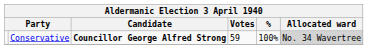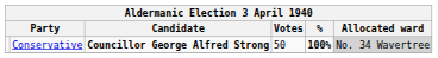 <table class="wikitable">
 <tr>
 <th colspan="6"><strong>Aldermanic Election 3 April 1940</strong></th>
 </tr>
 <tr>
 <th colspan="2">Party</th>
 <th>Candidate</th>
 <th>Votes</th>
 <th>%</th>
 <th>Allocated ward</th>
 </tr>
 <tr>
 <td style="background-color:"></td>
 <td><a href='#'>Conservative</a></td>
 <td><strong>Councillor George Alfred Strong</strong></td>
-<td>59</td>
-<td>100%</td>
+<td>50</td>
+<td><strong>100%</strong></td>
 <td style="background: lightgrey;">No. 34 Wavertree</td>
 </tr>
 <tr>
 </tr>
 </table>
